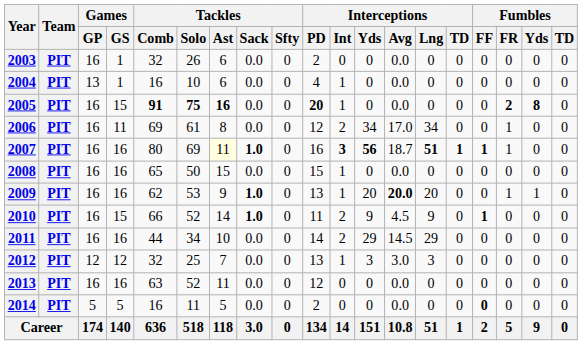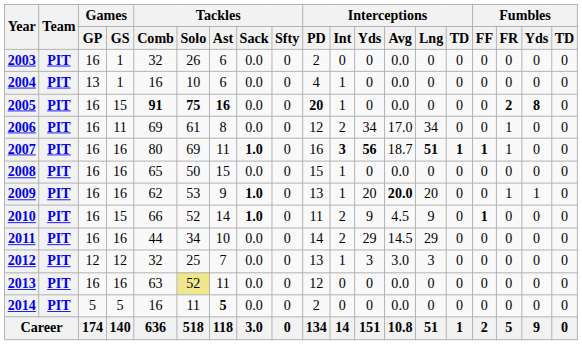 <table class= "wikitable" style="text-align: center;">
 <tr>
 <th rowspan="2">Year</th>
 <th rowspan="2">Team</th>
 <th colspan="2">Games</th>
 <th colspan="5">Tackles</th>
 <th colspan="6">Interceptions</th>
 <th colspan="4">Fumbles</th>
 </tr>
 <tr>
 <th>GP</th>
 <th>GS</th>
 <th>Comb</th>
 <th>Solo</th>
 <th>Ast</th>
 <th>Sack</th>
 <th>Sfty</th>
 <th>PD</th>
 <th>Int</th>
 <th>Yds</th>
 <th>Avg</th>
 <th>Lng</th>
 <th>TD</th>
 <th>FF</th>
 <th>FR</th>
 <th>Yds</th>
 <th>TD</th>
 </tr>
 <tr>
 <th><a href='#'>2003</a></th>
 <th><a href='#'>PIT</a></th>
 <td>16</td>
 <td>1</td>
 <td>32</td>
 <td>26</td>
 <td>6</td>
 <td>0.0</td>
 <td>0</td>
 <td>2</td>
 <td>0</td>
 <td>0</td>
 <td>0.0</td>
 <td>0</td>
 <td>0</td>
 <td>0</td>
 <td>0</td>
 <td>0</td>
 <td>0</td>
 </tr>
 <tr>
 <th><a href='#'>2004</a></th>
 <th><a href='#'>PIT</a></th>
 <td>13</td>
 <td>1</td>
 <td>16</td>
 <td>10</td>
 <td>6</td>
 <td>0.0</td>
 <td>0</td>
 <td>4</td>
 <td>1</td>
 <td>0</td>
 <td>0.0</td>
 <td>0</td>
 <td>0</td>
 <td>0</td>
 <td>0</td>
 <td>0</td>
 <td>0</td>
 </tr>
 <tr>
 <th><a href='#'>2005</a></th>
 <th><a href='#'>PIT</a></th>
 <td>16</td>
 <td>15</td>
 <td><strong>91</strong></td>
 <td><strong>75</strong></td>
 <td><strong>16</strong></td>
 <td>0.0</td>
 <td>0</td>
 <td><strong>20</strong></td>
 <td>1</td>
 <td>0</td>
 <td>0.0</td>
 <td>0</td>
 <td>0</td>
 <td>0</td>
 <td><strong>2</strong></td>
 <td><strong>8</strong></td>
 <td>0</td>
 </tr>
 <tr>
 <th><a href='#'>2006</a></th>
 <th><a href='#'>PIT</a></th>
 <td>16</td>
 <td>11</td>
 <td>69</td>
 <td>61</td>
 <td>8</td>
 <td>0.0</td>
 <td>0</td>
 <td>12</td>
 <td>2</td>
 <td>34</td>
 <td>17.0</td>
 <td>34</td>
 <td>0</td>
 <td>0</td>
 <td>1</td>
 <td>0</td>
 <td>0</td>
 </tr>
 <tr>
 <th><a href='#'>2007</a></th>
 <th><a href='#'>PIT</a></th>
 <td>16</td>
 <td>16</td>
 <td>80</td>
 <td>69</td>
-<td style="background: lightyellow;">11</td>
+<td>11</td>
 <td><strong>1.0</strong></td>
 <td>0</td>
 <td>16</td>
 <td><strong>3</strong></td>
 <td><strong>56</strong></td>
 <td>18.7</td>
 <td><strong>51</strong></td>
 <td><strong>1</strong></td>
 <td><strong>1</strong></td>
 <td>1</td>
 <td>0</td>
 <td>0</td>
 </tr>
 <tr>
 <th><a href='#'>2008</a></th>
 <th><a href='#'>PIT</a></th>
 <td>16</td>
 <td>16</td>
 <td>65</td>
 <td>50</td>
 <td>15</td>
 <td>0.0</td>
 <td>0</td>
 <td>15</td>
 <td>1</td>
 <td>0</td>
 <td>0.0</td>
 <td>0</td>
 <td>0</td>
 <td>0</td>
 <td>0</td>
 <td>0</td>
 <td>0</td>
 </tr>
 <tr>
 <th><a href='#'>2009</a></th>
 <th><a href='#'>PIT</a></th>
 <td>16</td>
 <td>16</td>
 <td>62</td>
 <td>53</td>
 <td>9</td>
 <td><strong>1.0</strong></td>
 <td>0</td>
 <td>13</td>
 <td>1</td>
 <td>20</td>
 <td><strong>20.0</strong></td>
 <td>20</td>
 <td>0</td>
 <td>0</td>
 <td>1</td>
 <td>1</td>
 <td>0</td>
 </tr>
 <tr>
 <th><a href='#'>2010</a></th>
 <th><a href='#'>PIT</a></th>
 <td>16</td>
 <td>15</td>
 <td>66</td>
 <td>52</td>
 <td>14</td>
 <td><strong>1.0</strong></td>
 <td>0</td>
 <td>11</td>
 <td>2</td>
 <td>9</td>
 <td>4.5</td>
 <td>9</td>
 <td>0</td>
 <td><strong>1</strong></td>
 <td>0</td>
 <td>0</td>
 <td>0</td>
 </tr>
 <tr>
 <th><a href='#'>2011</a></th>
 <th><a href='#'>PIT</a></th>
 <td>16</td>
 <td>16</td>
 <td>44</td>
 <td>34</td>
 <td>10</td>
 <td>0.0</td>
 <td>0</td>
 <td>14</td>
 <td>2</td>
 <td>29</td>
 <td>14.5</td>
 <td>29</td>
 <td>0</td>
 <td>0</td>
 <td>0</td>
 <td>0</td>
 <td>0</td>
 </tr>
 <tr>
 <th><a href='#'>2012</a></th>
 <th><a href='#'>PIT</a></th>
 <td>12</td>
 <td>12</td>
 <td>32</td>
 <td>25</td>
 <td>7</td>
 <td>0.0</td>
 <td>0</td>
 <td>13</td>
 <td>1</td>
 <td>3</td>
 <td>3.0</td>
 <td>3</td>
 <td>0</td>
 <td>0</td>
 <td>0</td>
 <td>0</td>
 <td>0</td>
 </tr>
 <tr>
 <th><a href='#'>2013</a></th>
 <th><a href='#'>PIT</a></th>
 <td>16</td>
 <td>16</td>
 <td>63</td>
-<td>52</td>
+<td style="background: khaki;">52</td>
 <td>11</td>
 <td>0.0</td>
 <td>0</td>
 <td>12</td>
 <td>0</td>
 <td>0</td>
 <td>0.0</td>
 <td>0</td>
 <td>0</td>
 <td>0</td>
 <td>0</td>
 <td>0</td>
 <td>0</td>
 </tr>
 <tr>
 <th><a href='#'>2014</a></th>
 <th><a href='#'>PIT</a></th>
 <td>5</td>
 <td>5</td>
 <td>16</td>
 <td>11</td>
-<td>5</td>
+<td><strong>5</strong></td>
 <td>0.0</td>
 <td>0</td>
 <td>2</td>
 <td>0</td>
 <td>0</td>
 <td>0.0</td>
 <td>0</td>
 <td>0</td>
-<td><strong>0</strong></td>
+<td>0</td>
 <td>0</td>
 <td>0</td>
 <td>0</td>
 </tr>
 <tr>
 <th colspan="2">Career</th>
 <th>174</th>
 <th>140</th>
 <th>636</th>
 <th>518</th>
 <th>118</th>
 <th>3.0</th>
 <th>0</th>
 <th>134</th>
 <th>14</th>
 <th>151</th>
 <th>10.8</th>
 <th>51</th>
 <th>1</th>
 <th>2</th>
 <th>5</th>
 <th>9</th>
 <th>0</th>
 </tr>
 </table>
